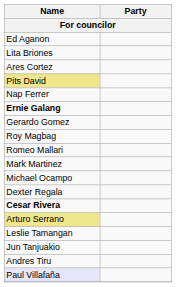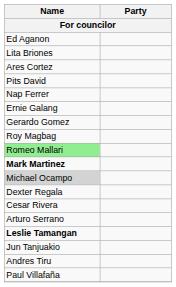 <table class=wikitable style="font-size:90%">
 <tr>
 <th width=150px>Name</th>
 <th colspan=2 width=110px>Party</th>
 </tr>
 <tr>
 <th colspan=3>For councilor</th>
 </tr>
 <tr>
 <td>Ed Aganon</td>
 <td></td>
 </tr>
 <tr>
 <td>Lita Briones</td>
 <td></td>
 </tr>
 <tr>
 <td>Ares Cortez</td>
 <td></td>
 </tr>
 <tr>
-<td style="background: khaki;">Pits David</td>
+<td>Pits David</td>
 <td></td>
 </tr>
 <tr>
 <td>Nap Ferrer</td>
 <td></td>
 </tr>
 <tr>
-<td><strong>Ernie Galang</strong></td>
+<td>Ernie Galang</td>
 <td></td>
 </tr>
 <tr>
 <td>Gerardo Gomez</td>
 <td></td>
 </tr>
 <tr>
 <td>Roy Magbag</td>
 <td></td>
 </tr>
 <tr>
-<td>Romeo Mallari</td>
+<td style="background: lightgreen;">Romeo Mallari</td>
 <td></td>
 </tr>
 <tr>
-<td>Mark Martinez</td>
+<td><strong>Mark Martinez</strong></td>
 <td></td>
 </tr>
 <tr>
-<td>Michael Ocampo</td>
+<td style="background: lightgrey;">Michael Ocampo</td>
 <td></td>
 </tr>
 <tr>
 <td>Dexter Regala</td>
 <td></td>
 </tr>
 <tr>
-<td><strong>Cesar Rivera</strong></td>
+<td>Cesar Rivera</td>
 <td></td>
 </tr>
 <tr>
-<td style="background: khaki;">Arturo Serrano</td>
+<td>Arturo Serrano</td>
 <td></td>
 </tr>
 <tr>
-<td>Leslie Tamangan</td>
+<td><strong>Leslie Tamangan</strong></td>
 <td></td>
 </tr>
 <tr>
 <td>Jun Tanjuakio</td>
 <td></td>
 </tr>
 <tr>
 <td>Andres Tiru</td>
 <td></td>
 </tr>
 <tr>
-<td style="background: lavender;">Paul Villafaña</td>
+<td>Paul Villafaña</td>
 <td></td>
 </tr>
 <tr>
 </tr>
 </table>
